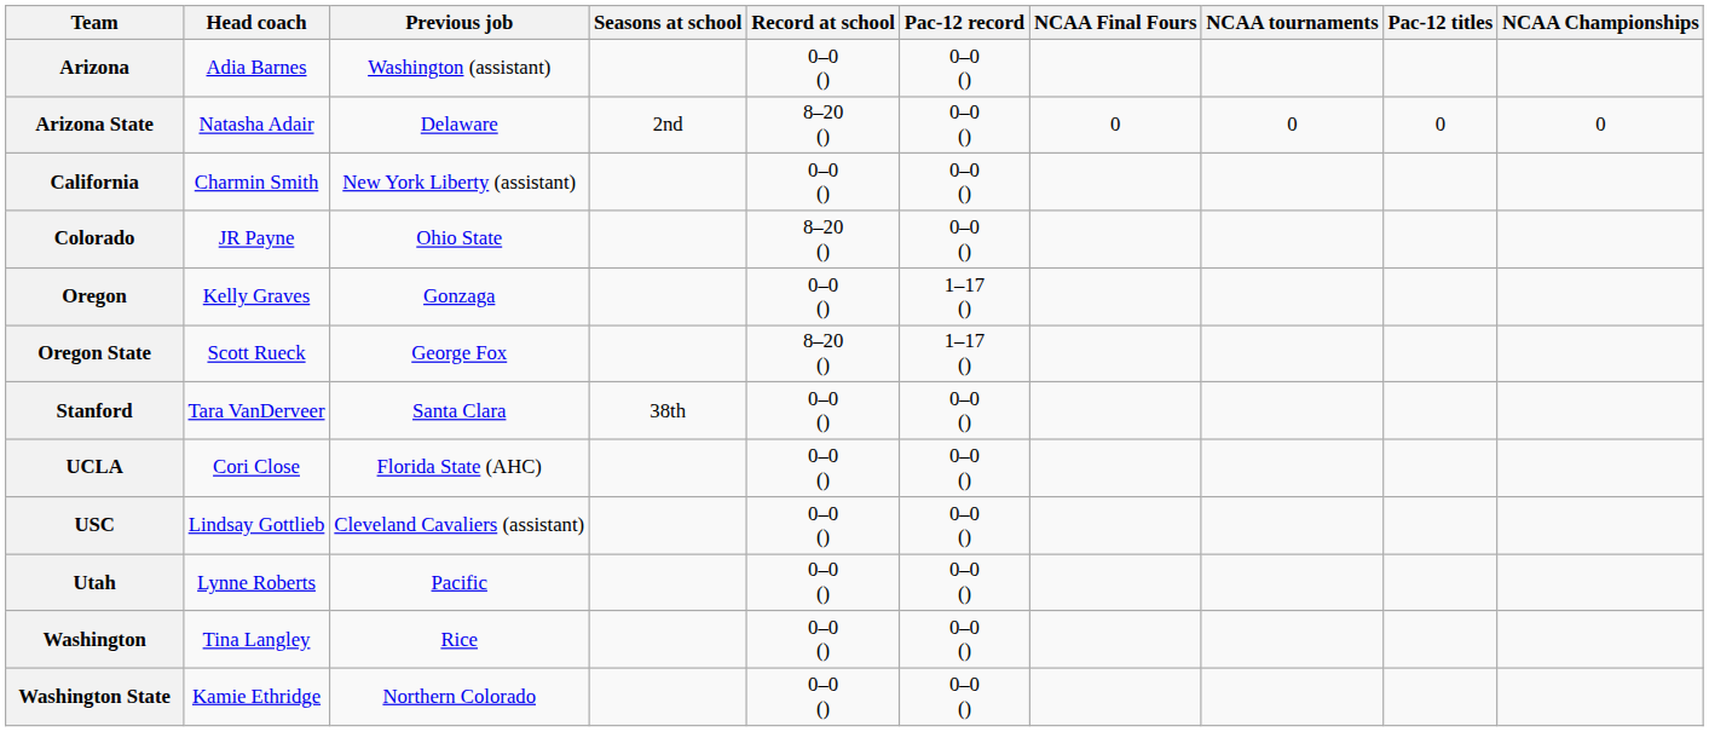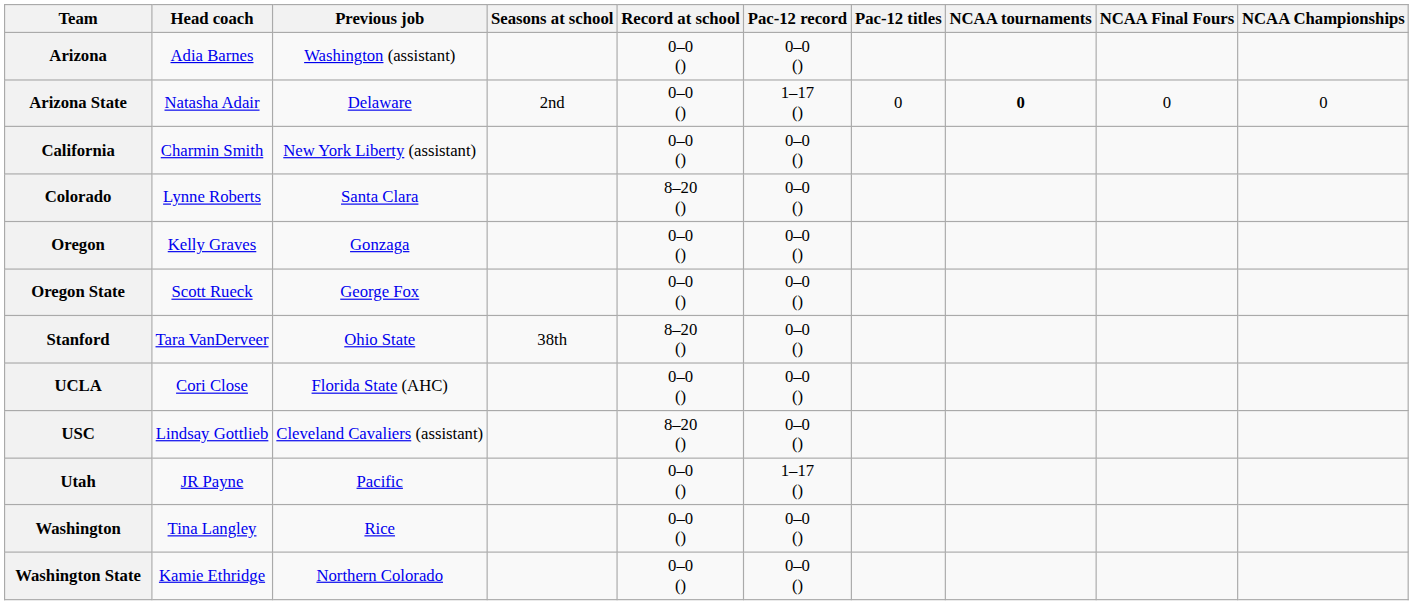 <table class="wikitable sortable" style="text-align: center;font-size:90%;">
 <tr>
 <th width="110">Team</th>
 <th>Head coach</th>
 <th>Previous job</th>
 <th>Seasons at school</th>
 <th>Record at school</th>
 <th>Pac-12 record</th>
+<th>Pac-12 titles</th>
+<th>NCAA tournaments</th>
 <th>NCAA Final Fours</th>
-<th>NCAA tournaments</th>
-<th>Pac-12 titles</th>
 <th>NCAA Championships</th>
 </tr>
 <tr>
 <th width="75">Arizona</th>
 <td><a href='#'>Adia Barnes</a></td>
 <td><a href='#'>Washington</a> (assistant)</td>
 <td></td>
 <td>0–0<br>()</td>
 <td>0–0<br>()</td>
 <td></td>
 <td></td>
 <td></td>
 <td></td>
 </tr>
 <tr>
 <th width="100">Arizona State</th>
 <td><a href='#'>Natasha Adair</a></td>
 <td><a href='#'>Delaware</a></td>
 <td>2nd</td>
-<td>8–20<br>()</td>
 <td>0–0<br>()</td>
+<td>1–17<br>()</td>
 <td>0</td>
-<td>0</td>
+<td><strong>0</strong></td>
 <td>0</td>
 <td>0</td>
 </tr>
 <tr>
 <th width="75">California</th>
 <td><a href='#'>Charmin Smith</a></td>
 <td><a href='#'>New York Liberty</a> (assistant)</td>
 <td></td>
 <td>0–0<br>()</td>
 <td>0–0<br>()</td>
 <td></td>
 <td></td>
 <td></td>
 <td></td>
 </tr>
 <tr>
 <th width="75">Colorado</th>
-<td><a href='#'>JR Payne</a></td>
-<td><a href='#'>Ohio State</a></td>
+<td><a href='#'>Lynne Roberts</a></td>
+<td><a href='#'>Santa Clara</a></td>
 <td></td>
 <td>8–20<br>()</td>
 <td>0–0<br>()</td>
 <td></td>
 <td></td>
 <td></td>
 <td></td>
 </tr>
 <tr>
 <th width="75">Oregon</th>
 <td><a href='#'>Kelly Graves</a></td>
 <td><a href='#'>Gonzaga</a></td>
 <td></td>
 <td>0–0<br>()</td>
-<td>1–17<br>()</td>
+<td>0–0<br>()</td>
 <td></td>
 <td></td>
 <td></td>
 <td></td>
 </tr>
 <tr>
 <th width="75">Oregon State</th>
 <td><a href='#'>Scott Rueck</a></td>
 <td><a href='#'>George Fox</a></td>
 <td></td>
-<td>8–20<br>()</td>
-<td>1–17<br>()</td>
+<td>0–0<br>()</td>
+<td>0–0<br>()</td>
 <td></td>
 <td></td>
 <td></td>
 <td></td>
 </tr>
 <tr>
 <th width="75">Stanford</th>
 <td><a href='#'>Tara VanDerveer</a></td>
-<td><a href='#'>Santa Clara</a></td>
+<td><a href='#'>Ohio State</a></td>
 <td>38th</td>
-<td>0–0<br>()</td>
+<td>8–20<br>()</td>
 <td>0–0<br>()</td>
 <td></td>
 <td></td>
 <td></td>
 <td></td>
 </tr>
 <tr>
 <th width="75">UCLA</th>
 <td><a href='#'>Cori Close</a></td>
 <td><a href='#'>Florida State</a> (AHC)</td>
 <td></td>
 <td>0–0<br>()</td>
 <td>0–0<br>()</td>
 <td></td>
 <td></td>
 <td></td>
 <td></td>
 </tr>
 <tr>
 <th width="75">USC</th>
 <td><a href='#'>Lindsay Gottlieb</a></td>
 <td><a href='#'>Cleveland Cavaliers</a> (assistant)</td>
 <td></td>
-<td>0–0<br>()</td>
+<td>8–20<br>()</td>
 <td>0–0<br>()</td>
 <td></td>
 <td></td>
 <td></td>
 <td></td>
 </tr>
 <tr>
 <th width="75">Utah</th>
-<td><a href='#'>Lynne Roberts</a></td>
+<td><a href='#'>JR Payne</a></td>
 <td><a href='#'>Pacific</a></td>
 <td></td>
 <td>0–0<br>()</td>
-<td>0–0<br>()</td>
+<td>1–17<br>()</td>
 <td></td>
 <td></td>
 <td></td>
 <td></td>
 </tr>
 <tr>
 <th width="75">Washington</th>
 <td><a href='#'>Tina Langley</a></td>
 <td><a href='#'>Rice</a></td>
 <td></td>
 <td>0–0<br>()</td>
 <td>0–0<br>()</td>
 <td></td>
 <td></td>
 <td></td>
 <td></td>
 </tr>
 <tr>
 <th width="120">Washington State</th>
 <td><a href='#'>Kamie Ethridge</a></td>
 <td><a href='#'>Northern Colorado</a></td>
 <td></td>
 <td>0–0<br>()</td>
 <td>0–0<br>()</td>
 <td></td>
 <td></td>
 <td></td>
 <td></td>
 </tr>
 </table>
